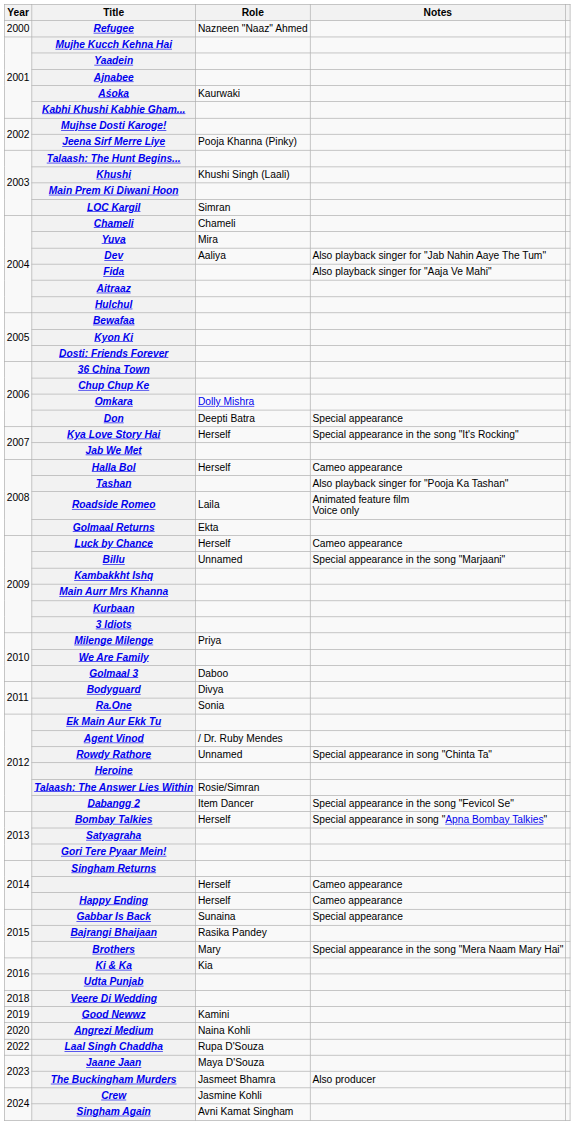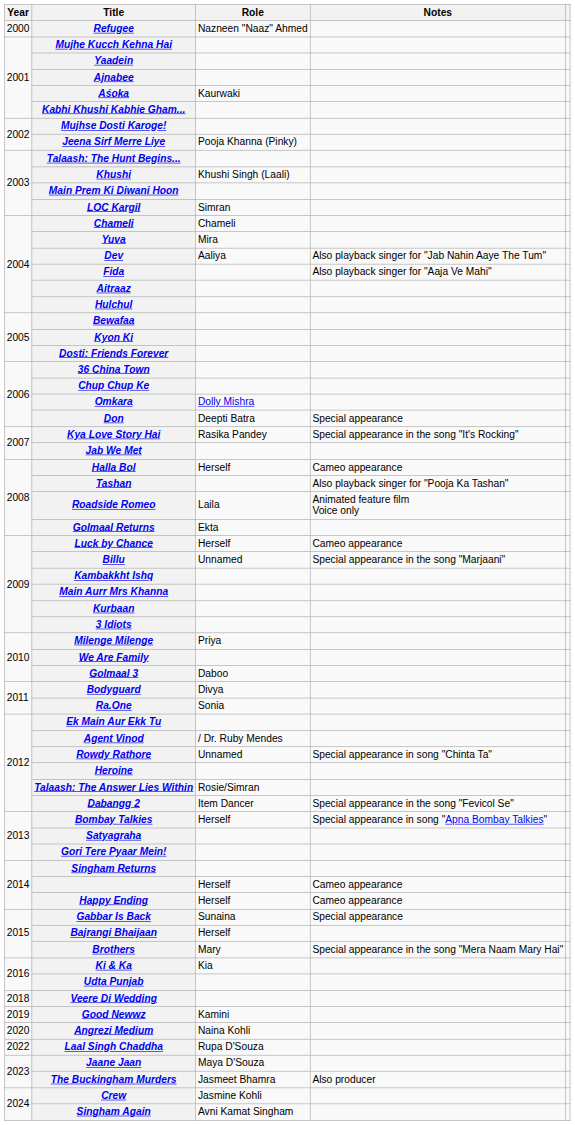 <table class="wikitable plainrowheaders sortable" style="margin-right: 0;">
 <tr>
 <th scope="col">Year</th>
 <th scope="col">Title</th>
 <th scope="col">Role</th>
 <th scope="col" class="unsortable">Notes</th>
 <th scope="col" class="unsortable"></th>
 </tr>
 <tr>
 <td>2000</td>
 <th scope="row"><em><a href='#'>Refugee</a></em></th>
 <td>Nazneen "Naaz" Ahmed</td>
 <td></td>
 <td style="text-align: center;"></td>
 </tr>
 <tr>
 <td rowspan=5>2001</td>
 <th scope="row"><em><a href='#'>Mujhe Kucch Kehna Hai</a></em></th>
 <td></td>
 <td></td>
 <td style="text-align: center;"></td>
 </tr>
 <tr>
 <th scope="row"><em><a href='#'>Yaadein</a></em></th>
 <td></td>
 <td></td>
 <td style="text-align: center;"></td>
 </tr>
 <tr>
 <th scope="row"><em><a href='#'>Ajnabee</a></em></th>
 <td></td>
 <td></td>
 <td style="text-align: center;"></td>
 </tr>
 <tr>
 <th scope="row"><em><a href='#'>Aśoka</a></em></th>
 <td>Kaurwaki</td>
 <td></td>
 <td style="text-align: center;"></td>
 </tr>
 <tr>
 <th scope="row"><em><a href='#'>Kabhi Khushi Kabhie Gham...</a></em></th>
 <td></td>
 <td></td>
 <td style="text-align: center;"></td>
 </tr>
 <tr>
 <td rowspan=2>2002</td>
 <th scope="row"><em><a href='#'>Mujhse Dosti Karoge!</a></em></th>
 <td></td>
 <td></td>
 <td style="text-align: center;"></td>
 </tr>
 <tr>
 <th scope="row"><em><a href='#'>Jeena Sirf Merre Liye</a></em></th>
 <td>Pooja Khanna (Pinky)</td>
 <td></td>
 <td style="text-align: center;"></td>
 </tr>
 <tr>
 <td rowspan=4>2003</td>
 <th scope="row"><em><a href='#'>Talaash: The Hunt Begins...</a></em></th>
 <td></td>
 <td></td>
 <td style="text-align: center;"></td>
 </tr>
 <tr>
 <th scope="row"><em><a href='#'>Khushi</a></em></th>
 <td>Khushi Singh (Laali)</td>
 <td></td>
 <td style="text-align: center;"></td>
 </tr>
 <tr>
 <th scope="row"><em><a href='#'>Main Prem Ki Diwani Hoon</a></em></th>
 <td></td>
 <td></td>
 <td style="text-align: center;"></td>
 </tr>
 <tr>
 <th scope="row"><em><a href='#'>LOC Kargil</a></em></th>
 <td>Simran</td>
 <td></td>
 <td style="text-align: center;"></td>
 </tr>
 <tr>
 <td rowspan=6>2004</td>
 <th scope="row"><em><a href='#'>Chameli</a></em></th>
 <td>Chameli</td>
 <td></td>
 <td style="text-align: center;"></td>
 </tr>
 <tr>
 <th scope="row"><em><a href='#'>Yuva</a></em></th>
 <td>Mira</td>
 <td></td>
 <td style="text-align: center;"></td>
 </tr>
 <tr>
 <th scope="row"><em><a href='#'>Dev</a></em></th>
 <td>Aaliya</td>
 <td>Also playback singer for "Jab Nahin Aaye The Tum"</td>
 <td style="text-align: center;"></td>
 </tr>
 <tr>
 <th scope="row"><em><a href='#'>Fida</a></em></th>
 <td></td>
 <td>Also playback singer for 	"Aaja Ve Mahi"</td>
 <td style="text-align: center;"></td>
 </tr>
 <tr>
 <th scope="row"><em><a href='#'>Aitraaz</a></em></th>
 <td></td>
 <td></td>
 <td style="text-align: center;"></td>
 </tr>
 <tr>
 <th scope="row"><em><a href='#'>Hulchul</a></em></th>
 <td></td>
 <td></td>
 <td style="text-align: center;"></td>
 </tr>
 <tr>
 <td rowspan=3>2005</td>
 <th scope="row"><em><a href='#'>Bewafaa</a></em></th>
 <td></td>
 <td></td>
 <td style="text-align: center;"></td>
 </tr>
 <tr>
 <th scope="row"><em><a href='#'>Kyon Ki</a></em></th>
 <td></td>
 <td></td>
 <td style="text-align: center;"></td>
 </tr>
 <tr>
 <th scope="row"><em><a href='#'>Dosti: Friends Forever</a></em></th>
 <td></td>
 <td></td>
 <td style="text-align: center;"></td>
 </tr>
 <tr>
 <td rowspan=4>2006</td>
 <th scope="row"><em><a href='#'>36 China Town</a></em></th>
 <td></td>
 <td></td>
 <td style="text-align: center;"></td>
 </tr>
 <tr>
 <th scope="row"><em><a href='#'>Chup Chup Ke</a></em></th>
 <td></td>
 <td></td>
 <td style="text-align: center;"></td>
 </tr>
 <tr>
 <th scope="row"><em><a href='#'>Omkara</a></em></th>
 <td><a href='#'>Dolly Mishra</a></td>
 <td></td>
 <td style="text-align: center;"></td>
 </tr>
 <tr>
 <th scope="row"><em><a href='#'>Don</a></em></th>
 <td>Deepti Batra</td>
 <td>Special appearance</td>
 <td style="text-align: center;"></td>
 </tr>
 <tr>
 <td rowspan=2>2007</td>
 <th scope="row"><em><a href='#'>Kya Love Story Hai</a></em></th>
-<td>Herself</td>
+<td>Rasika Pandey</td>
 <td>Special appearance in the song "It's Rocking"</td>
 <td style="text-align: center;"></td>
 </tr>
 <tr>
 <th scope="row"><em><a href='#'>Jab We Met</a></em></th>
 <td></td>
 <td></td>
 <td style="text-align: center;"></td>
 </tr>
 <tr>
 <td rowspan=4>2008</td>
 <th scope="row"><em><a href='#'>Halla Bol</a></em></th>
 <td>Herself</td>
 <td>Cameo appearance</td>
 <td style="text-align: center;"></td>
 </tr>
 <tr>
 <th scope="row"><em><a href='#'>Tashan</a></em></th>
 <td></td>
 <td>Also playback singer for "Pooja Ka Tashan"</td>
 <td style="text-align: center;"></td>
 </tr>
 <tr>
 <th scope="row"><em><a href='#'>Roadside Romeo</a></em></th>
 <td>Laila</td>
 <td>Animated feature film<br>Voice only</td>
 <td style="text-align: center;"></td>
 </tr>
 <tr>
 <th scope="row"><em><a href='#'>Golmaal Returns</a></em></th>
 <td>Ekta</td>
 <td></td>
 <td style="text-align: center;"></td>
 </tr>
 <tr>
 <td rowspan=6>2009</td>
 <th scope="row"><em><a href='#'>Luck by Chance</a></em></th>
 <td>Herself</td>
 <td>Cameo appearance</td>
 <td style="text-align: center;"></td>
 </tr>
 <tr>
 <th scope="row"><em><a href='#'>Billu</a></em></th>
 <td>Unnamed</td>
 <td>Special appearance in the song "Marjaani"</td>
 <td style="text-align: center;"></td>
 </tr>
 <tr>
 <th scope="row"><em><a href='#'>Kambakkht Ishq</a></em></th>
 <td></td>
 <td></td>
 <td style="text-align: center;"></td>
 </tr>
 <tr>
 <th scope="row"><em><a href='#'>Main Aurr Mrs Khanna</a></em></th>
 <td></td>
 <td></td>
 <td style="text-align: center;"></td>
 </tr>
 <tr>
 <th scope="row"><em><a href='#'>Kurbaan</a></em></th>
 <td></td>
 <td></td>
 <td style="text-align: center;"></td>
 </tr>
 <tr>
 <th scope="row"><em><a href='#'>3 Idiots</a></em></th>
 <td></td>
 <td></td>
 <td style="text-align: center;"></td>
 </tr>
 <tr>
 <td rowspan=3>2010</td>
 <th scope="row"><em><a href='#'>Milenge Milenge</a></em></th>
 <td>Priya</td>
 <td></td>
 <td style="text-align: center;"></td>
 </tr>
 <tr>
 <th scope="row"><em><a href='#'>We Are Family</a></em></th>
 <td></td>
 <td></td>
 <td style="text-align: center;"></td>
 </tr>
 <tr>
 <th scope="row"><em><a href='#'>Golmaal 3</a></em></th>
 <td>Daboo</td>
 <td></td>
 <td style="text-align: center;"></td>
 </tr>
 <tr>
 <td rowspan=2>2011</td>
 <th scope="row"><em><a href='#'>Bodyguard</a></em></th>
 <td>Divya</td>
 <td></td>
 <td style="text-align: center;"></td>
 </tr>
 <tr>
 <th scope="row"><em><a href='#'>Ra.One</a></em></th>
 <td>Sonia</td>
 <td></td>
 <td style="text-align: center;"></td>
 </tr>
 <tr>
 <td rowspan=6>2012</td>
 <th scope="row"><em><a href='#'>Ek Main Aur Ekk Tu</a></em></th>
 <td></td>
 <td></td>
 <td style="text-align: center;"></td>
 </tr>
 <tr>
 <th scope="row"><em><a href='#'>Agent Vinod</a></em></th>
 <td>/ Dr. Ruby Mendes</td>
 <td></td>
 <td style="text-align: center;"></td>
 </tr>
 <tr>
 <th scope="row"><em><a href='#'>Rowdy Rathore</a></em></th>
 <td>Unnamed</td>
 <td>Special appearance in song "Chinta Ta"</td>
 <td></td>
 </tr>
 <tr>
 <th scope="row"><em><a href='#'>Heroine</a></em></th>
 <td></td>
 <td></td>
 <td style="text-align: center;"></td>
 </tr>
 <tr>
 <th scope="row"><em><a href='#'>Talaash: The Answer Lies Within</a></em></th>
 <td>Rosie/Simran</td>
 <td></td>
 <td style="text-align: center;"></td>
 </tr>
 <tr>
 <th scope="row"><em><a href='#'>Dabangg 2</a></em></th>
 <td>Item Dancer</td>
 <td>Special appearance in the song "Fevicol Se"</td>
 <td></td>
 </tr>
 <tr>
 <td rowspan=3>2013</td>
 <th scope="row"><em><a href='#'>Bombay Talkies</a></em></th>
 <td>Herself</td>
 <td>Special appearance in song "<a href='#'>Apna Bombay Talkies</a>"</td>
 <td style="text-align: center;"></td>
 </tr>
 <tr>
 <th scope="row"><em><a href='#'>Satyagraha</a></em></th>
 <td></td>
 <td></td>
 <td style="text-align: center;"></td>
 </tr>
 <tr>
 <th scope="row"><em><a href='#'>Gori Tere Pyaar Mein!</a></em></th>
 <td></td>
 <td></td>
 <td style="text-align: center;"></td>
 </tr>
 <tr>
 <td rowspan=3>2014</td>
 <th scope="row"><em><a href='#'>Singham Returns</a></em></th>
 <td></td>
 <td></td>
 <td style="text-align: center;"></td>
 </tr>
 <tr>
 <th scope="row"></th>
 <td>Herself</td>
 <td>Cameo appearance</td>
 <td style="text-align: center;"></td>
 </tr>
 <tr>
 <th scope="row"><em><a href='#'>Happy Ending</a></em></th>
 <td>Herself</td>
 <td>Cameo appearance</td>
 <td style="text-align: center;"></td>
 </tr>
 <tr>
 <td rowspan=3>2015</td>
 <th scope="row"><em><a href='#'>Gabbar Is Back</a></em></th>
 <td>Sunaina</td>
 <td>Special appearance</td>
 <td style="text-align: center;"></td>
 </tr>
 <tr>
 <th scope="row"><em><a href='#'>Bajrangi Bhaijaan</a></em></th>
-<td>Rasika Pandey</td>
+<td>Herself</td>
 <td></td>
 <td style="text-align: center;"></td>
 </tr>
 <tr>
 <th scope="row"><em><a href='#'>Brothers</a></em></th>
 <td>Mary</td>
 <td>Special appearance in the song "Mera Naam Mary Hai"</td>
 <td style="text-align: center;"></td>
 </tr>
 <tr>
 <td rowspan=2>2016</td>
 <th scope="row"><em><a href='#'>Ki & Ka</a></em></th>
 <td>Kia</td>
 <td></td>
 <td style="text-align: center;"></td>
 </tr>
 <tr>
 <th scope="row"><em><a href='#'>Udta Punjab</a></em></th>
 <td></td>
 <td></td>
 <td style="text-align: center;"></td>
 </tr>
 <tr>
 <td>2018</td>
 <th scope="row"><em><a href='#'>Veere Di Wedding</a></em></th>
 <td></td>
 <td></td>
 <td style="text-align: center;"></td>
 </tr>
 <tr>
 <td>2019</td>
 <th scope="row"><em><a href='#'>Good Newwz</a></em></th>
 <td>Kamini</td>
 <td></td>
 <td style="text-align: center;"></td>
 </tr>
 <tr>
 <td>2020</td>
 <th scope="row"><em><a href='#'>Angrezi Medium</a></em></th>
 <td>Naina Kohli</td>
 <td></td>
 <td style="text-align: center;"></td>
 </tr>
 <tr>
 <td>2022</td>
 <th scope="row"><em><a href='#'>Laal Singh Chaddha</a></em></th>
 <td>Rupa D'Souza</td>
 <td></td>
 <td style="text-align: center;"></td>
 </tr>
 <tr>
 <td rowspan="2">2023</td>
 <th scope="row"><em><a href='#'>Jaane Jaan</a></em></th>
 <td>Maya D'Souza</td>
 <td></td>
 <td style="text-align: center;"></td>
 </tr>
 <tr>
 <th scope="row"><em><a href='#'>The Buckingham Murders</a></em></th>
 <td>Jasmeet Bhamra</td>
 <td>Also producer</td>
 <td style="text-align: center;"></td>
 </tr>
 <tr>
 <td rowspan="2">2024</td>
 <th scope="row"><em><a href='#'>Crew</a></em></th>
 <td>Jasmine Kohli</td>
 <td></td>
 <td style="text-align: center;"></td>
 </tr>
 <tr>
 <th scope="row"><em><a href='#'>Singham Again</a></em></th>
 <td>Avni Kamat Singham</td>
 <td></td>
 <td style="text-align: center;"></td>
 </tr>
 </table>
